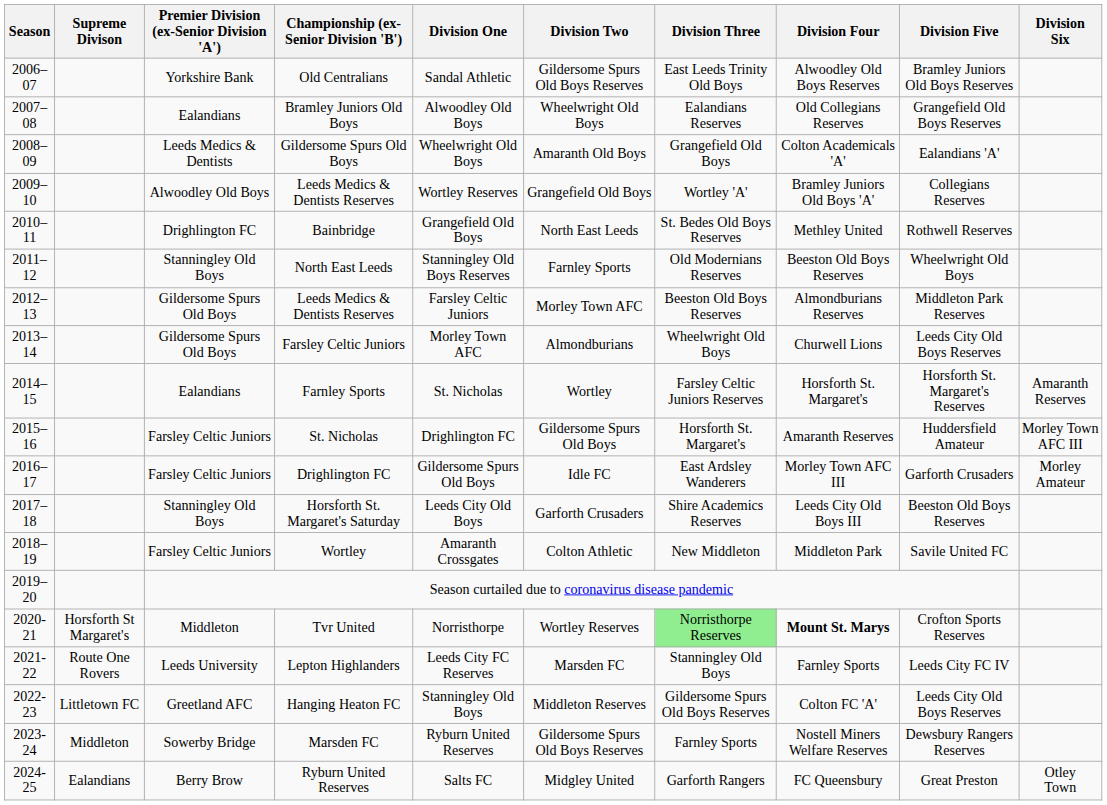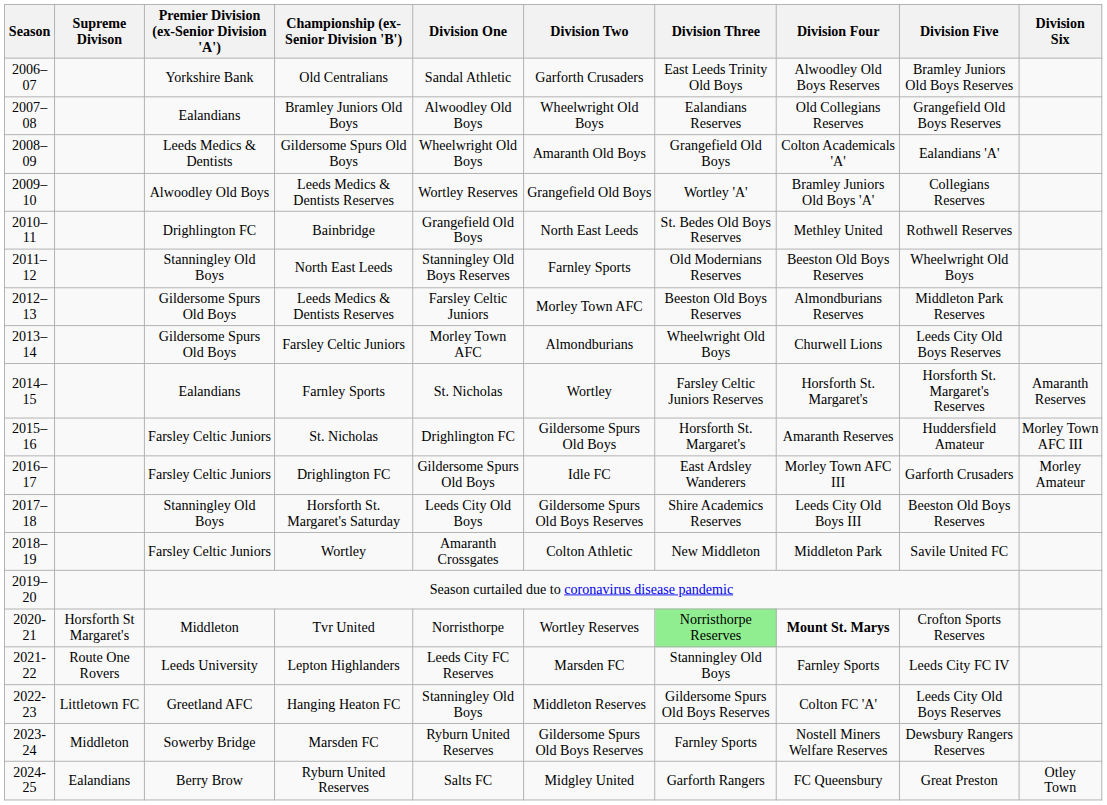 <table class="wikitable" style="text-align: center">
 <tr>
 <th>Season</th>
 <th>Supreme Divison</th>
 <th>Premier Division (ex-Senior Division 'A')</th>
 <th>Championship (ex-Senior Division 'B')</th>
 <th>Division One</th>
 <th>Division Two</th>
 <th>Division Three</th>
 <th>Division Four</th>
 <th>Division Five</th>
 <th>Division<br>Six</th>
 </tr>
 <tr>
 <td>2006–07</td>
 <td></td>
 <td>Yorkshire Bank</td>
 <td>Old Centralians</td>
 <td>Sandal Athletic</td>
-<td>Gildersome Spurs Old Boys Reserves</td>
+<td>Garforth Crusaders</td>
 <td>East Leeds Trinity Old Boys</td>
 <td>Alwoodley Old Boys Reserves</td>
 <td>Bramley Juniors Old Boys Reserves</td>
 <td></td>
 </tr>
 <tr>
 <td>2007–08</td>
 <td></td>
 <td>Ealandians</td>
 <td>Bramley Juniors Old Boys</td>
 <td>Alwoodley Old Boys</td>
 <td>Wheelwright Old Boys</td>
 <td>Ealandians Reserves</td>
 <td>Old Collegians Reserves</td>
 <td>Grangefield Old Boys Reserves</td>
 <td></td>
 </tr>
 <tr>
 <td>2008–09</td>
 <td></td>
 <td>Leeds Medics & Dentists</td>
 <td>Gildersome Spurs Old Boys</td>
 <td>Wheelwright Old Boys</td>
 <td>Amaranth Old Boys</td>
 <td>Grangefield Old Boys</td>
 <td>Colton Academicals 'A'</td>
 <td>Ealandians 'A'</td>
 <td></td>
 </tr>
 <tr>
 <td>2009–10</td>
 <td></td>
 <td>Alwoodley Old Boys</td>
 <td>Leeds Medics & Dentists Reserves</td>
 <td>Wortley Reserves</td>
 <td>Grangefield Old Boys</td>
 <td>Wortley 'A'</td>
 <td>Bramley Juniors Old Boys 'A'</td>
 <td>Collegians Reserves</td>
 <td></td>
 </tr>
 <tr>
 <td>2010–11</td>
 <td></td>
 <td>Drighlington FC</td>
 <td>Bainbridge</td>
 <td>Grangefield Old Boys</td>
 <td>North East Leeds</td>
 <td>St. Bedes Old Boys Reserves</td>
 <td>Methley United</td>
 <td>Rothwell Reserves</td>
 <td></td>
 </tr>
 <tr>
 <td>2011–12</td>
 <td></td>
 <td>Stanningley Old Boys</td>
 <td>North East Leeds</td>
 <td>Stanningley Old Boys Reserves</td>
 <td>Farnley Sports</td>
 <td>Old Modernians Reserves</td>
 <td>Beeston Old Boys Reserves</td>
 <td>Wheelwright Old Boys</td>
 <td></td>
 </tr>
 <tr>
 <td>2012–13</td>
 <td></td>
 <td>Gildersome Spurs Old Boys</td>
 <td>Leeds Medics & Dentists Reserves</td>
 <td>Farsley Celtic Juniors</td>
 <td>Morley Town AFC</td>
 <td>Beeston Old Boys Reserves</td>
 <td>Almondburians Reserves</td>
 <td>Middleton Park Reserves</td>
 <td></td>
 </tr>
 <tr>
 <td>2013–14</td>
 <td></td>
 <td>Gildersome Spurs Old Boys</td>
 <td>Farsley Celtic Juniors</td>
 <td>Morley Town AFC</td>
 <td>Almondburians</td>
 <td>Wheelwright Old Boys</td>
 <td>Churwell Lions</td>
 <td>Leeds City Old Boys Reserves</td>
 <td></td>
 </tr>
 <tr>
 <td>2014–15</td>
 <td></td>
 <td>Ealandians</td>
 <td>Farnley Sports</td>
 <td>St. Nicholas</td>
 <td>Wortley</td>
 <td>Farsley Celtic Juniors Reserves</td>
 <td>Horsforth St. Margaret's</td>
 <td>Horsforth St. Margaret's Reserves</td>
 <td>Amaranth Reserves</td>
 </tr>
 <tr>
 <td>2015–16</td>
 <td></td>
 <td>Farsley Celtic Juniors</td>
 <td>St. Nicholas</td>
 <td>Drighlington FC</td>
 <td>Gildersome Spurs Old Boys</td>
 <td>Horsforth St. Margaret's</td>
 <td>Amaranth Reserves</td>
 <td>Huddersfield Amateur</td>
 <td>Morley Town AFC III</td>
 </tr>
 <tr>
 <td>2016–17</td>
 <td></td>
 <td>Farsley Celtic Juniors</td>
 <td>Drighlington FC</td>
 <td>Gildersome Spurs Old Boys</td>
 <td>Idle FC</td>
 <td>East Ardsley Wanderers</td>
 <td>Morley Town AFC III</td>
 <td>Garforth Crusaders</td>
 <td>Morley Amateur</td>
 </tr>
 <tr>
 <td>2017–18</td>
 <td></td>
 <td>Stanningley Old Boys</td>
 <td>Horsforth St. Margaret's Saturday</td>
 <td>Leeds City Old Boys</td>
-<td>Garforth Crusaders</td>
+<td>Gildersome Spurs Old Boys Reserves</td>
 <td>Shire Academics Reserves</td>
 <td>Leeds City Old Boys III</td>
 <td>Beeston Old Boys Reserves</td>
 <td></td>
 </tr>
 <tr>
 <td>2018–19</td>
 <td></td>
 <td>Farsley Celtic Juniors</td>
 <td>Wortley</td>
 <td>Amaranth Crossgates</td>
 <td>Colton Athletic</td>
 <td>New Middleton</td>
 <td>Middleton Park</td>
 <td>Savile United FC</td>
 <td></td>
 </tr>
 <tr>
 <td>2019–20</td>
 <td></td>
 <td colspan="7">Season curtailed due to <a href='#'>coronavirus disease pandemic</a></td>
 <td></td>
 </tr>
 <tr>
 <td>2020-<br>21</td>
 <td>Horsforth St Margaret's</td>
 <td>Middleton</td>
 <td>Tvr United</td>
 <td>Norristhorpe</td>
 <td>Wortley Reserves</td>
 <td style="background: lightgreen;">Norristhorpe Reserves</td>
 <td><strong>Mount St. Marys</strong></td>
 <td>Crofton Sports Reserves</td>
 <td></td>
 </tr>
 <tr>
 <td>2021-22</td>
 <td>Route One Rovers</td>
 <td>Leeds University</td>
 <td>Lepton Highlanders</td>
 <td>Leeds City FC Reserves</td>
 <td>Marsden FC</td>
 <td>Stanningley Old Boys</td>
 <td>Farnley Sports</td>
 <td>Leeds City FC IV</td>
 <td></td>
 </tr>
 <tr>
 <td>2022-23</td>
 <td>Littletown FC</td>
 <td>Greetland AFC</td>
 <td>Hanging Heaton FC</td>
 <td>Stanningley Old Boys</td>
 <td>Middleton Reserves</td>
 <td>Gildersome Spurs Old Boys Reserves</td>
 <td>Colton FC 'A'</td>
 <td>Leeds City Old Boys Reserves</td>
 <td></td>
 </tr>
 <tr>
 <td>2023-24</td>
 <td>Middleton</td>
 <td>Sowerby Bridge</td>
 <td>Marsden FC</td>
 <td>Ryburn United Reserves</td>
 <td>Gildersome Spurs Old Boys Reserves</td>
 <td>Farnley Sports</td>
 <td>Nostell Miners Welfare Reserves</td>
 <td>Dewsbury Rangers Reserves</td>
 <td></td>
 </tr>
 <tr>
 <td>2024-25</td>
 <td>Ealandians</td>
 <td>Berry Brow</td>
 <td>Ryburn United Reserves</td>
 <td>Salts FC</td>
 <td>Midgley United</td>
 <td>Garforth Rangers</td>
 <td>FC Queensbury</td>
 <td>Great Preston</td>
 <td>Otley<br>Town</td>
 </tr>
 </table>
